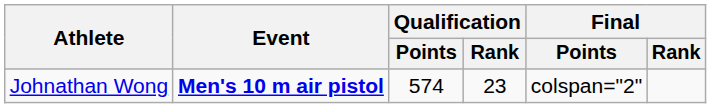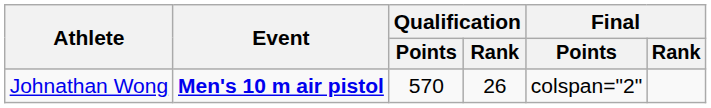 <table class="wikitable" style="font-size:90%">
 <tr>
 <th rowspan="2">Athlete</th>
 <th rowspan="2">Event</th>
 <th colspan=2>Qualification</th>
 <th colspan=2>Final</th>
 </tr>
 <tr style="font-size:95%">
 <th>Points</th>
 <th>Rank</th>
 <th>Points</th>
 <th>Rank</th>
 </tr>
 <tr align=center>
 <td align=left><a href='#'>Johnathan Wong</a></td>
 <td align=left><strong><a href='#'>Men's 10 m air pistol</a></strong></td>
-<td>574</td>
-<td>23</td>
+<td>570</td>
+<td>26</td>
 <td>colspan="2" </td>
 </tr>
 </table>
